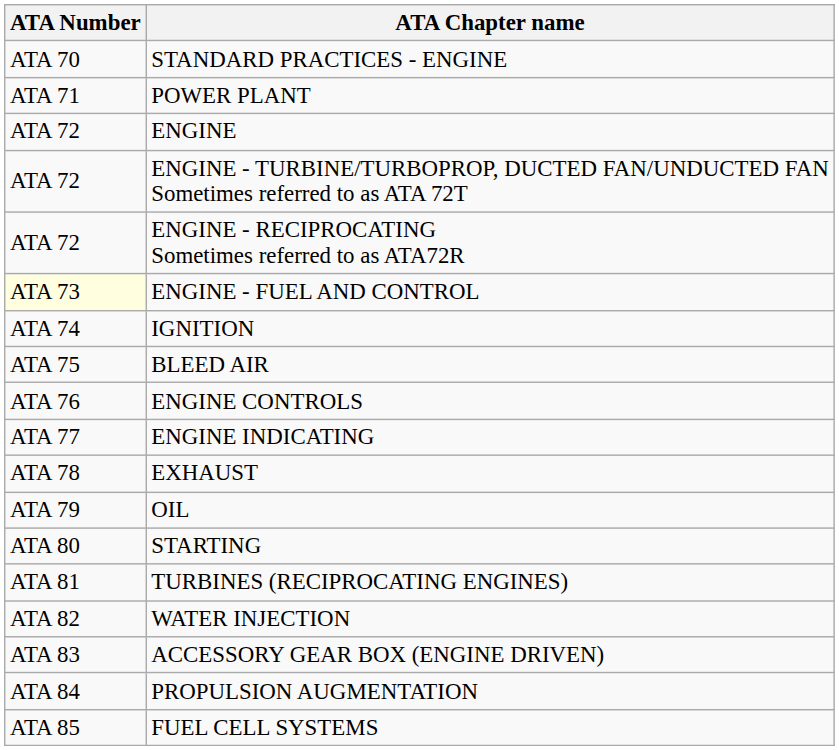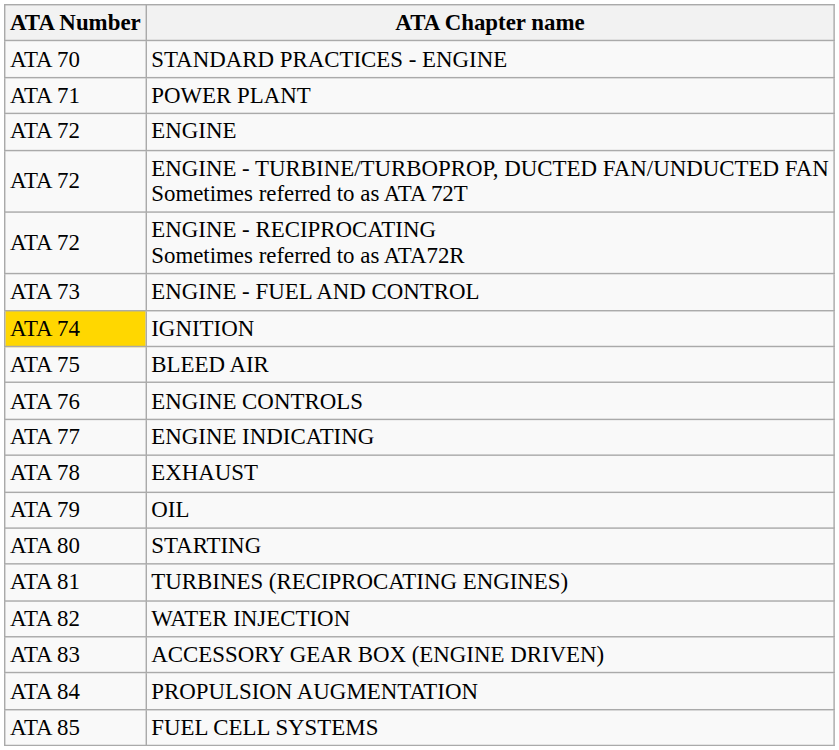 <table class="wikitable">
 <tr>
 <th>ATA Number</th>
 <th>ATA Chapter name</th>
 </tr>
 <tr>
 <td>ATA 70</td>
 <td>STANDARD PRACTICES - ENGINE</td>
 </tr>
 <tr>
 <td>ATA 71</td>
 <td>POWER PLANT</td>
 </tr>
 <tr>
 <td>ATA 72</td>
 <td>ENGINE</td>
 </tr>
 <tr>
 <td>ATA 72</td>
 <td>ENGINE - TURBINE/TURBOPROP, DUCTED FAN/UNDUCTED FAN<br>Sometimes referred to as ATA 72T</td>
 </tr>
 <tr>
 <td>ATA 72</td>
 <td>ENGINE - RECIPROCATING<br>Sometimes referred to as ATA72R</td>
 </tr>
 <tr>
-<td style="background: lightyellow;">ATA 73</td>
+<td>ATA 73</td>
 <td>ENGINE - FUEL AND CONTROL</td>
 </tr>
 <tr>
-<td>ATA 74</td>
+<td style="background: gold;">ATA 74</td>
 <td>IGNITION</td>
 </tr>
 <tr>
 <td>ATA 75</td>
 <td>BLEED AIR</td>
 </tr>
 <tr>
 <td>ATA 76</td>
 <td>ENGINE CONTROLS</td>
 </tr>
 <tr>
 <td>ATA 77</td>
 <td>ENGINE INDICATING</td>
 </tr>
 <tr>
 <td>ATA 78</td>
 <td>EXHAUST</td>
 </tr>
 <tr>
 <td>ATA 79</td>
 <td>OIL</td>
 </tr>
 <tr>
 <td>ATA 80</td>
 <td>STARTING</td>
 </tr>
 <tr>
 <td>ATA 81</td>
 <td>TURBINES (RECIPROCATING ENGINES)</td>
 </tr>
 <tr>
 <td>ATA 82</td>
 <td>WATER INJECTION</td>
 </tr>
 <tr>
 <td>ATA 83</td>
 <td>ACCESSORY GEAR BOX (ENGINE DRIVEN)</td>
 </tr>
 <tr>
 <td>ATA 84</td>
 <td>PROPULSION AUGMENTATION</td>
 </tr>
 <tr>
 <td>ATA 85</td>
 <td>FUEL CELL SYSTEMS</td>
 </tr>
 </table>
